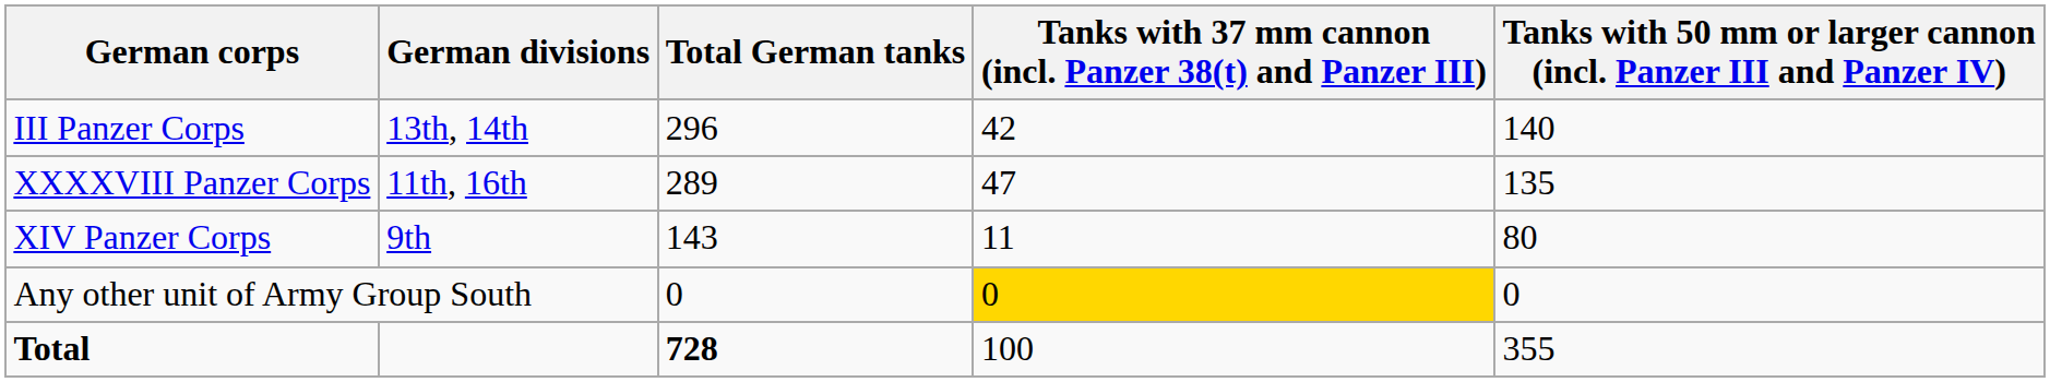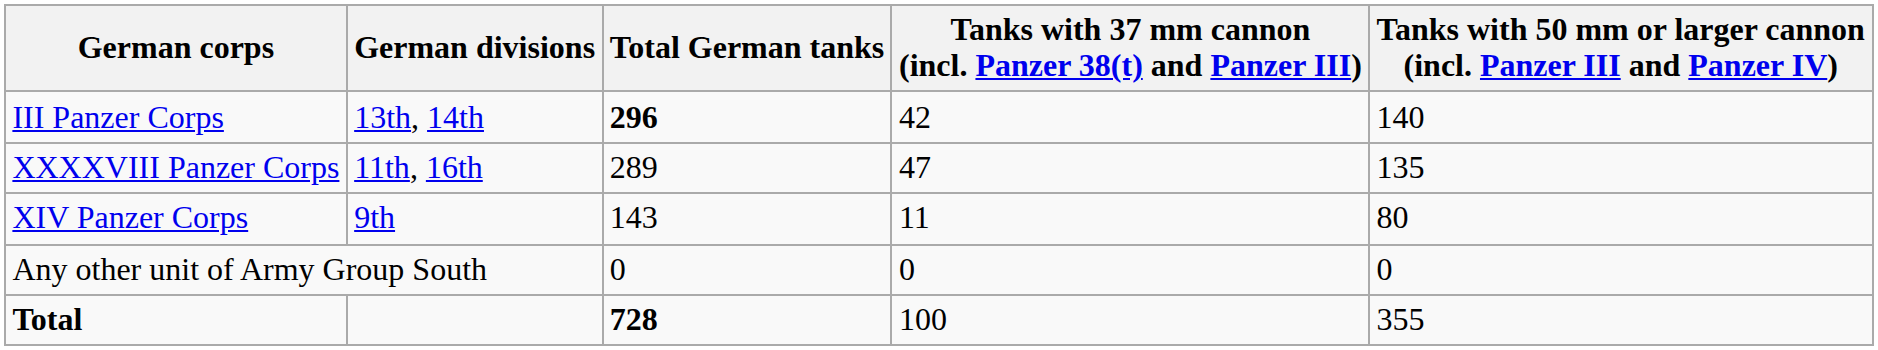 <table class="wikitable">
 <tr>
 <th>German corps</th>
 <th>German divisions</th>
 <th>Total German tanks</th>
 <th>Tanks with 37 mm cannon<br>(incl. <a href='#'>Panzer 38(t)</a> and <a href='#'>Panzer III</a>)</th>
 <th>Tanks with 50 mm or larger cannon<br>(incl. <a href='#'>Panzer III</a> and <a href='#'>Panzer IV</a>)</th>
 </tr>
 <tr>
 <td><a href='#'>III Panzer Corps</a></td>
 <td><a href='#'>13th</a>, <a href='#'>14th</a></td>
-<td>296</td>
+<td><strong>296</strong></td>
 <td>42</td>
 <td>140</td>
 </tr>
 <tr>
 <td><a href='#'>XXXXVIII Panzer Corps</a></td>
 <td><a href='#'>11th</a>, <a href='#'>16th</a></td>
 <td>289</td>
 <td>47</td>
 <td>135</td>
 </tr>
 <tr>
 <td><a href='#'>XIV Panzer Corps</a></td>
 <td><a href='#'>9th</a></td>
 <td>143</td>
 <td>11</td>
 <td>80</td>
 </tr>
 <tr>
 <td colspan=2>Any other unit of Army Group South</td>
 <td>0</td>
-<td style="background: gold;">0</td>
+<td>0</td>
 <td>0</td>
 </tr>
 <tr>
 <td><strong>Total</strong></td>
 <td> </td>
 <td><strong>728</strong></td>
 <td>100</td>
 <td>355</td>
 </tr>
 </table>
